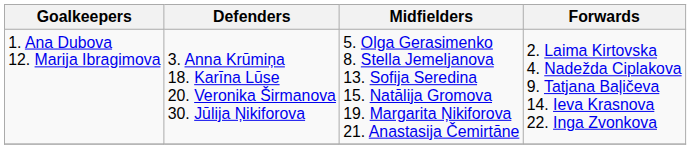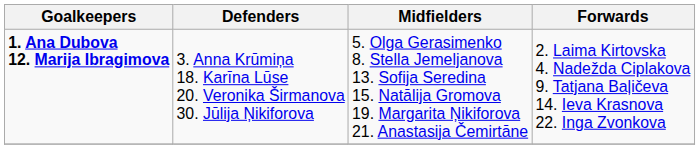 <table class="wikitable">
 <tr>
 <th>Goalkeepers</th>
 <th>Defenders</th>
 <th>Midfielders</th>
 <th>Forwards</th>
 </tr>
 <tr>
-<td>1.  <a href='#'>Ana Dubova</a> <br> 12.  <a href='#'>Marija Ibragimova</a> <br>  <br>  <br>  <br>  <br> </td>
+<td><strong>1.  <a href='#'>Ana Dubova</a> <br> 12.  <a href='#'>Marija Ibragimova</a> <br>  <br>  <br>  <br>  <br> </strong></td>
 <td>3.  <a href='#'>Anna Krūmiņa</a> <br> 18.  <a href='#'>Karīna Lūse</a> <br> 20.  <a href='#'>Veronika Širmanova</a> <br> 30.  <a href='#'>Jūlija Ņikiforova</a> <br> </td>
 <td>5.  <a href='#'>Olga Gerasimenko</a> <br> 8.  <a href='#'>Stella Jemeljanova</a> <br> 13.  <a href='#'>Sofija Seredina</a> <br> 15.  <a href='#'>Natālija Gromova</a> <br> 19.  <a href='#'>Margarita Ņikiforova</a> <br> 21.  <a href='#'>Anastasija Čemirtāne</a></td>
 <td>2.  <a href='#'>Laima Kirtovska</a> <br> 4.  <a href='#'>Nadežda Ciplakova</a> <br> 9.  <a href='#'>Tatjana Baļičeva</a> <br> 14.  <a href='#'>Ieva Krasnova</a> <br> 22.  <a href='#'>Inga Zvonkova</a></td>
 </tr>
 <tr>
 </tr>
 </table>
